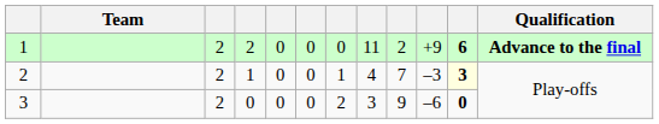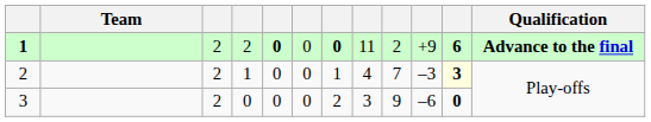 <table class="wikitable" style="text-align: center;">
 <tr>
 <th width="25"></th>
 <th width="140">Team</th>
 <th width="20"></th>
 <th width="20"></th>
 <th width="20"></th>
 <th width="20"></th>
 <th width="20"></th>
 <th width="20"></th>
 <th width="20"></th>
 <th width="20"></th>
 <th width="20"></th>
 <th width="150">Qualification</th>
 </tr>
 <tr style="background-color: #ccffcc;">
-<td>1</td>
+<td><strong>1</strong></td>
 <td align=left></td>
 <td>2</td>
 <td>2</td>
+<td><strong>0</strong></td>
 <td>0</td>
-<td>0</td>
-<td>0</td>
+<td><strong>0</strong></td>
 <td>11</td>
 <td>2</td>
 <td>+9</td>
 <td><strong>6</strong></td>
 <td><strong>Advance to the <a href='#'>final</a></strong></td>
 </tr>
 <tr>
 <td>2</td>
 <td align=left></td>
 <td>2</td>
 <td>1</td>
 <td>0</td>
 <td>0</td>
 <td>1</td>
 <td>4</td>
 <td>7</td>
 <td>–3</td>
 <td style="background: lightyellow;"><strong>3</strong></td>
 <td rowspan="2">Play-offs</td>
 </tr>
 <tr>
 <td>3</td>
 <td align=left></td>
 <td>2</td>
 <td>0</td>
 <td>0</td>
 <td>0</td>
 <td>2</td>
 <td>3</td>
 <td>9</td>
 <td>–6</td>
 <td><strong>0</strong></td>
 </tr>
 </table>
